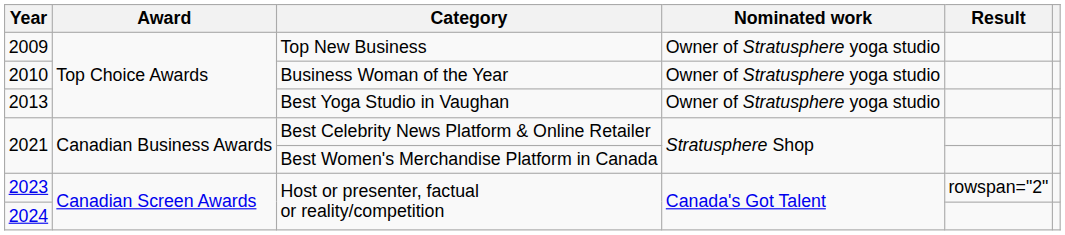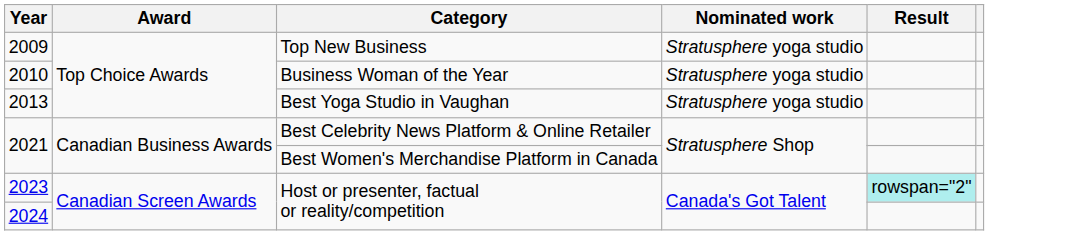 <table class="wikitable">
 <tr>
 <th>Year</th>
 <th>Award</th>
 <th>Category</th>
 <th>Nominated work</th>
 <th>Result</th>
 <th></th>
 </tr>
 <tr>
 <td>2009</td>
 <td rowspan="3">Top Choice Awards</td>
 <td>Top New Business</td>
-<td>Owner of <em>Stratusphere</em> yoga studio</td>
+<td><em>Stratusphere</em> yoga studio</td>
 <td></td>
 <td></td>
 </tr>
 <tr>
 <td>2010</td>
 <td>Business Woman of the Year</td>
-<td>Owner of <em>Stratusphere</em> yoga studio</td>
+<td><em>Stratusphere</em> yoga studio</td>
 <td></td>
 <td></td>
 </tr>
 <tr>
 <td>2013</td>
 <td>Best Yoga Studio in Vaughan</td>
-<td>Owner of <em>Stratusphere</em> yoga studio</td>
+<td><em>Stratusphere</em> yoga studio</td>
 <td></td>
 <td></td>
 </tr>
 <tr>
 <td rowspan="2">2021</td>
 <td rowspan="2">Canadian Business Awards</td>
 <td>Best Celebrity News Platform & Online Retailer</td>
 <td rowspan="2"><em>Stratusphere</em> Shop</td>
 <td></td>
 <td></td>
 </tr>
 <tr>
 <td>Best Women's Merchandise Platform in Canada</td>
 <td></td>
 <td></td>
 </tr>
 <tr>
 <td><a href='#'>2023</a></td>
 <td rowspan="2"><a href='#'>Canadian Screen Awards</a></td>
 <td rowspan="2">Host or presenter, factual<br>or reality/competition</td>
 <td rowspan="2"><a href='#'>Canada's Got Talent</a></td>
-<td>rowspan="2" </td>
+<td style="background: paleturquoise;">rowspan="2" </td>
 <td></td>
 </tr>
 <tr>
 <td><a href='#'>2024</a></td>
 <td></td>
 </tr>
 </table>
